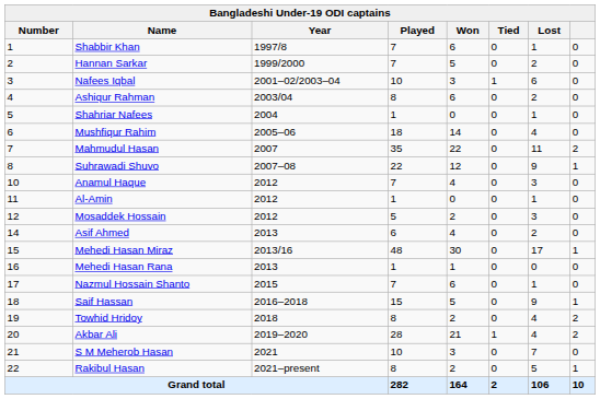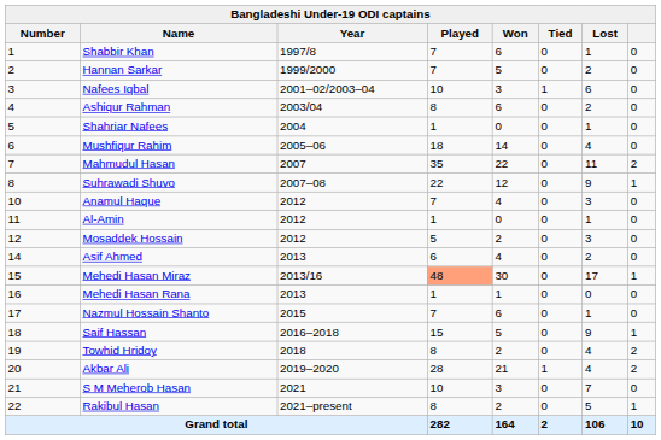 <table class="wikitable" style="width:70%;">
 <tr>
 <th style="background:#efefef;" colspan="8">Bangladeshi Under-19 ODI captains</th>
 </tr>
 <tr style="background:#efefef;">
 <th>Number</th>
 <th>Name</th>
 <th>Year</th>
 <th>Played</th>
 <th>Won</th>
 <th>Tied</th>
 <th>Lost</th>
 <th></th>
 </tr>
 <tr>
 <td>1</td>
 <td><a href='#'>Shabbir Khan</a></td>
 <td>1997/8</td>
 <td>7</td>
 <td>6</td>
 <td>0</td>
 <td>1</td>
 <td>0</td>
 </tr>
 <tr>
 <td>2</td>
 <td><a href='#'>Hannan Sarkar</a></td>
 <td>1999/2000</td>
 <td>7</td>
 <td>5</td>
 <td>0</td>
 <td>2</td>
 <td>0</td>
 </tr>
 <tr>
 <td>3</td>
 <td><a href='#'>Nafees Iqbal</a></td>
 <td>2001–02/2003–04</td>
 <td>10</td>
 <td>3</td>
 <td>1</td>
 <td>6</td>
 <td>0</td>
 </tr>
 <tr>
 <td>4</td>
 <td><a href='#'>Ashiqur Rahman</a></td>
 <td>2003/04</td>
 <td>8</td>
 <td>6</td>
 <td>0</td>
 <td>2</td>
 <td>0</td>
 </tr>
 <tr>
 <td>5</td>
 <td><a href='#'>Shahriar Nafees</a></td>
 <td>2004</td>
 <td>1</td>
 <td>0</td>
 <td>0</td>
 <td>1</td>
 <td>0</td>
 </tr>
 <tr>
 <td>6</td>
 <td><a href='#'>Mushfiqur Rahim</a></td>
 <td>2005–06</td>
 <td>18</td>
 <td>14</td>
 <td>0</td>
 <td>4</td>
 <td>0</td>
 </tr>
 <tr>
 <td>7</td>
 <td><a href='#'>Mahmudul Hasan</a></td>
 <td>2007</td>
 <td>35</td>
 <td>22</td>
 <td>0</td>
 <td>11</td>
 <td>2</td>
 </tr>
 <tr>
 <td>8</td>
 <td><a href='#'>Suhrawadi Shuvo</a></td>
 <td>2007–08</td>
 <td>22</td>
 <td>12</td>
 <td>0</td>
 <td>9</td>
 <td>1</td>
 </tr>
 <tr>
 <td>10</td>
 <td><a href='#'>Anamul Haque</a></td>
 <td>2012</td>
 <td>7</td>
 <td>4</td>
 <td>0</td>
 <td>3</td>
 <td>0</td>
 </tr>
 <tr>
 <td>11</td>
 <td><a href='#'>Al-Amin</a></td>
 <td>2012</td>
 <td>1</td>
 <td>0</td>
 <td>0</td>
 <td>1</td>
 <td>0</td>
 </tr>
 <tr>
 <td>12</td>
 <td><a href='#'>Mosaddek Hossain</a></td>
 <td>2012</td>
 <td>5</td>
 <td>2</td>
 <td>0</td>
 <td>3</td>
 <td>0</td>
 </tr>
 <tr>
 <td>14</td>
 <td><a href='#'>Asif Ahmed</a></td>
 <td>2013</td>
 <td>6</td>
 <td>4</td>
 <td>0</td>
 <td>2</td>
 <td>0</td>
 </tr>
 <tr>
 <td>15</td>
 <td><a href='#'>Mehedi Hasan Miraz</a></td>
 <td>2013/16</td>
-<td>48</td>
+<td style="background: lightsalmon;">48</td>
 <td>30</td>
 <td>0</td>
 <td>17</td>
 <td>1</td>
 </tr>
 <tr>
 <td>16</td>
 <td><a href='#'>Mehedi Hasan Rana</a></td>
 <td>2013</td>
 <td>1</td>
 <td>1</td>
 <td>0</td>
 <td>0</td>
 <td>0</td>
 </tr>
 <tr>
 <td>17</td>
 <td><a href='#'>Nazmul Hossain Shanto</a></td>
 <td>2015</td>
 <td>7</td>
 <td>6</td>
 <td>0</td>
 <td>1</td>
 <td>0</td>
 </tr>
 <tr>
 <td>18</td>
 <td><a href='#'>Saif Hassan</a></td>
 <td>2016–2018</td>
 <td>15</td>
 <td>5</td>
 <td>0</td>
 <td>9</td>
 <td>1</td>
 </tr>
 <tr>
 <td>19</td>
 <td><a href='#'>Towhid Hridoy</a></td>
 <td>2018</td>
 <td>8</td>
 <td>2</td>
 <td>0</td>
 <td>4</td>
 <td>2</td>
 </tr>
 <tr>
 <td>20</td>
 <td><a href='#'>Akbar Ali</a></td>
 <td>2019–2020</td>
 <td>28</td>
 <td>21</td>
 <td>1</td>
 <td>4</td>
 <td>2</td>
 </tr>
 <tr>
 <td>21</td>
 <td><a href='#'>S M Meherob Hasan</a></td>
 <td>2021</td>
 <td>10</td>
 <td>3</td>
 <td>0</td>
 <td>7</td>
 <td>0</td>
 </tr>
 <tr>
 <td>22</td>
 <td><a href='#'>Rakibul Hasan</a></td>
 <td>2021–present</td>
 <td>8</td>
 <td>2</td>
 <td>0</td>
 <td>5</td>
 <td>1</td>
 </tr>
 <tr style="background:#def;">
 <td colspan=3 align=center><strong>Grand total</strong></td>
 <td><strong>282</strong></td>
 <td><strong>164</strong></td>
 <td><strong>2</strong></td>
 <td><strong>106</strong></td>
 <td><strong>10</strong></td>
 </tr>
 </table>
